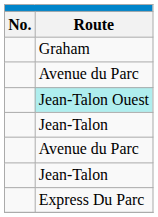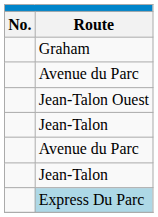 <table align=center class="wikitable">
 <tr>
 <th style="background: #0085CA; font-size:100%; color:#FFFFFF;"colspan="4"><a href='#'></a></th>
 </tr>
 <tr>
 <th>No.</th>
 <th>Route</th>
 </tr>
 <tr>
 <td></td>
 <td>Graham</td>
 </tr>
 <tr>
 <td {{Avoid wrap> </td>
 <td>Avenue du Parc</td>
 </tr>
 <tr>
 <td></td>
-<td style="background: paleturquoise;">Jean-Talon Ouest</td>
+<td>Jean-Talon Ouest</td>
 </tr>
 <tr>
 <td></td>
 <td>Jean-Talon</td>
 </tr>
 <tr>
 <td {{Avoid wrap> </td>
 <td>Avenue du Parc</td>
 </tr>
 <tr>
 <td {{Avoid wrap> </td>
 <td>Jean-Talon</td>
 </tr>
 <tr>
 <td></td>
-<td>Express Du Parc</td>
+<td style="background: lightblue;">Express Du Parc</td>
 </tr>
 <tr>
 </tr>
 </table>
